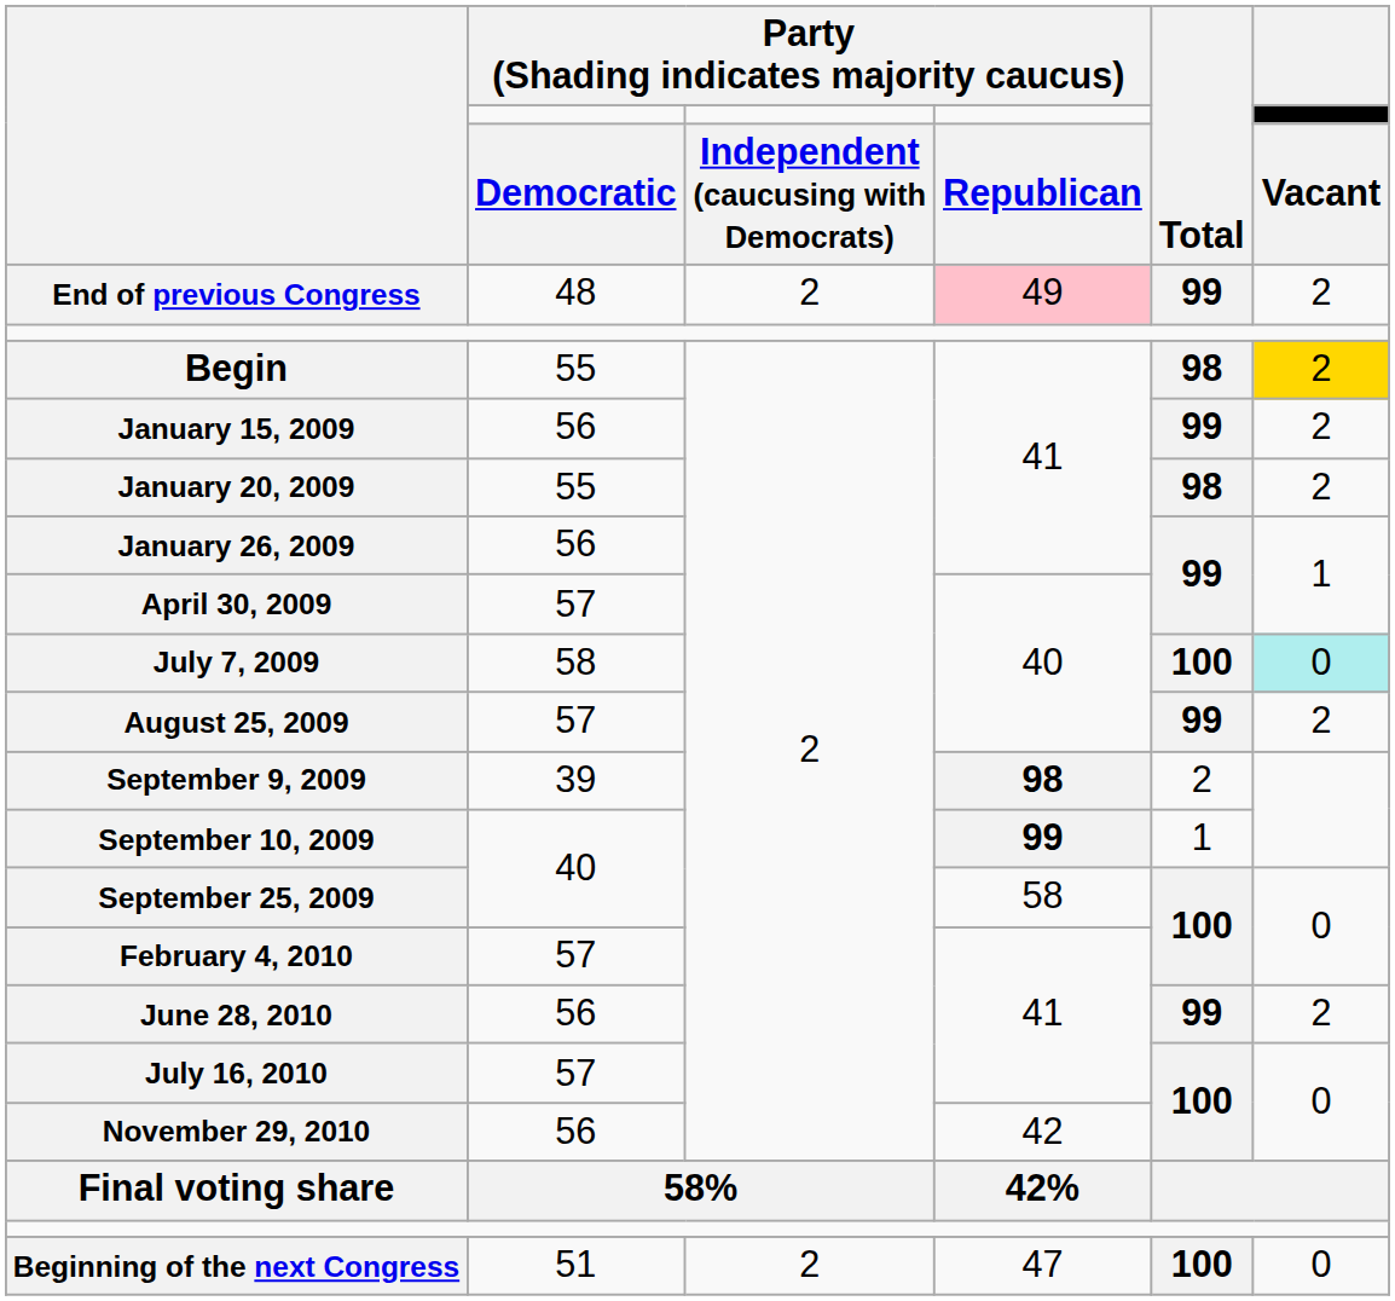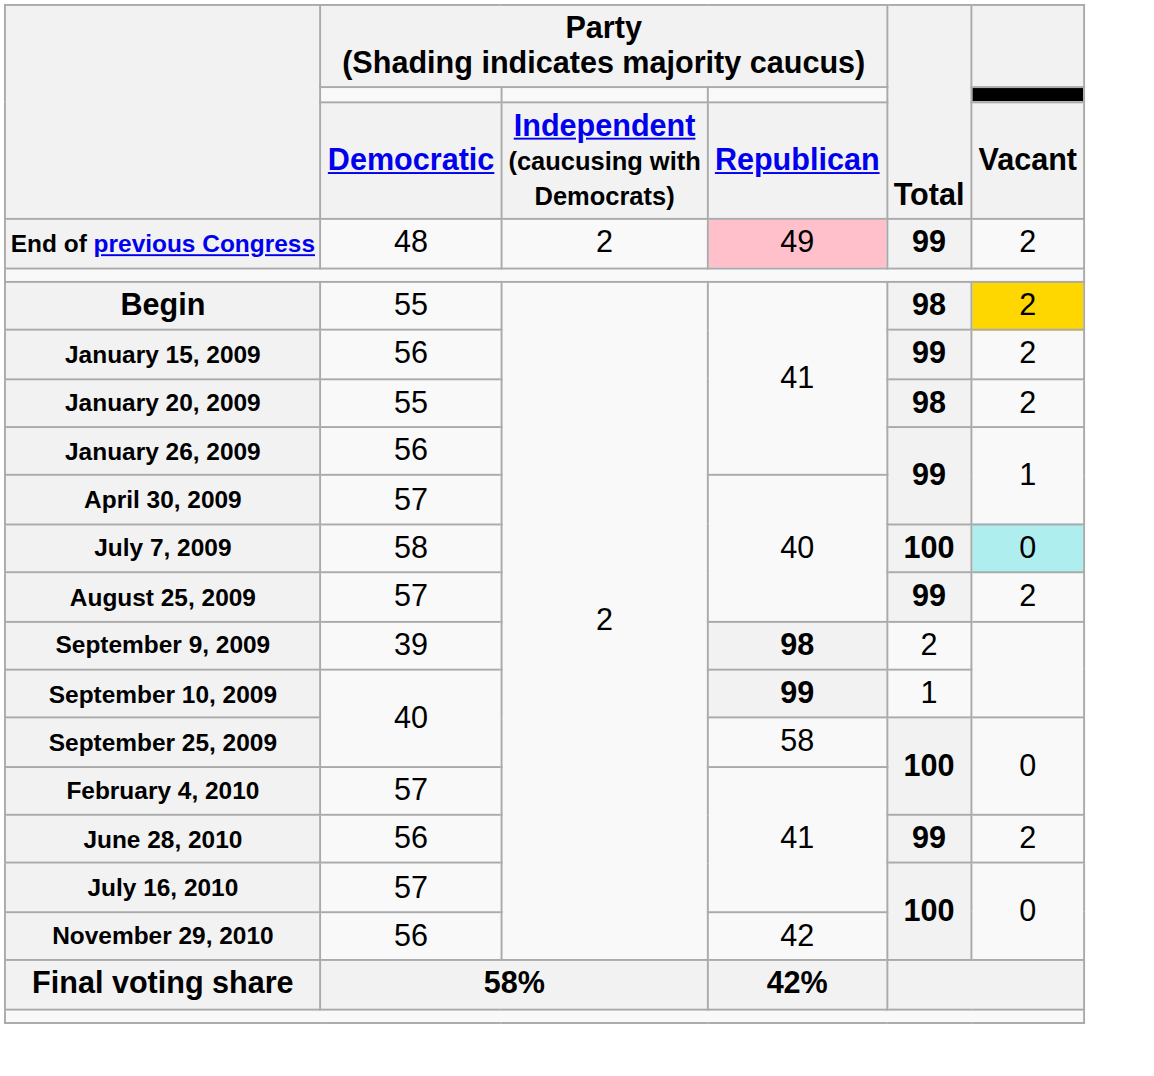 <table class=wikitable style="text-align:center">
 <tr style="vertical-align:bottom;">
 <th rowspan=3></th>
 <th colspan=3>Party <div>(Shading indicates majority caucus)</div></th>
 <th rowspan=3>Total</th>
 <th></th>
 </tr>
 <tr style="height:5px">
 <td style="background-color:"></td>
 <td style="background-color:"></td>
 <td style="background-color:"></td>
 <td style="background:black;"></td>
 </tr>
 <tr>
 <th><a href='#'>Democratic</a></th>
 <th><a href='#'>Independent</a><br><small>(caucusing with<br>Democrats)</small></th>
 <th><a href='#'>Republican</a></th>
 <th>Vacant</th>
 </tr>
 <tr>
 <th style="font-size:80%;">End of <a href='#'>previous Congress</a></th>
 <td>48</td>
 <td>2</td>
 <td style="background: pink;">49</td>
 <th>99</th>
 <td>2 </td>
 </tr>
 <tr>
 <td colspan=6></td>
 </tr>
 <tr>
 <th>Begin</th>
 <td>55</td>
 <td rowspan=14 >2</td>
 <td rowspan=4>41</td>
 <th>98</th>
 <td style="background: gold;">2 </td>
 </tr>
 <tr>
 <th style="font-size:80%;">January 15, 2009 </th>
 <td>56</td>
 <th>99</th>
 <td>2 </td>
 </tr>
 <tr>
 <th style="font-size:80%;">January 20, 2009 </th>
 <td>55</td>
 <th>98</th>
 <td>2 </td>
 </tr>
 <tr>
 <th style="font-size:80%;">January 26, 2009 </th>
 <td>56</td>
 <th rowspan=2>99</th>
 <td rowspan=2>1 </td>
 </tr>
 <tr>
 <th style="font-size:80%;">April 30, 2009 </th>
 <td>57</td>
 <td rowspan=3>40</td>
 </tr>
 <tr>
 <th style="font-size:80%;">July 7, 2009 </th>
 <td>58</td>
 <th>100</th>
 <td style="background: paleturquoise;">0</td>
 </tr>
 <tr>
 <th style="font-size:80%;">August 25, 2009 </th>
 <td>57</td>
 <th>99</th>
 <td>2 </td>
 </tr>
 <tr>
 <th style="font-size:80%;">September 9, 2009 </th>
 <td>39</td>
 <th>98</th>
 <td>2 </td>
 </tr>
 <tr>
 <th style="font-size:80%;">September 10, 2009 </th>
 <td rowspan=2>40</td>
 <th>99</th>
 <td>1 </td>
 </tr>
 <tr>
 <th style="font-size:80%;">September 25, 2009 </th>
 <td>58</td>
 <th rowspan=2>100</th>
 <td rowspan=2>0</td>
 </tr>
 <tr>
 <th style="font-size:80%;">February 4, 2010 </th>
 <td>57</td>
 <td rowspan=3>41</td>
 </tr>
 <tr>
 <th style="font-size:80%;">June 28, 2010 </th>
 <td>56</td>
 <th>99</th>
 <td>2</td>
 </tr>
 <tr>
 <th style="font-size:80%;">July 16, 2010 </th>
 <td>57</td>
 <th rowspan=2>100</th>
 <td rowspan=2>0</td>
 </tr>
 <tr>
 <th style="font-size:80%;">November 29, 2010 </th>
 <td>56</td>
 <td>42</td>
 </tr>
 <tr>
 <th>Final voting share</th>
 <th colspan=2 >58%</th>
 <th>42%</th>
 <th colspan=2></th>
 </tr>
 <tr>
 <td colspan=6></td>
 </tr>
-<tr>
-<th style="font-size:80%;">Beginning of the <a href='#'>next Congress</a></th>
-<td>51</td>
-<td>2</td>
-<td>47</td>
-<th>100</th>
-<td>0</td>
-</tr>
 </table>
